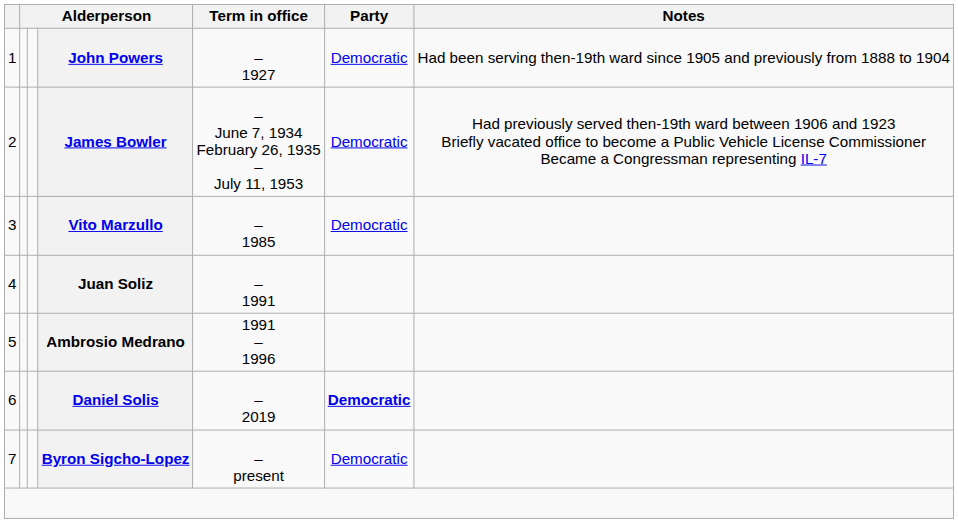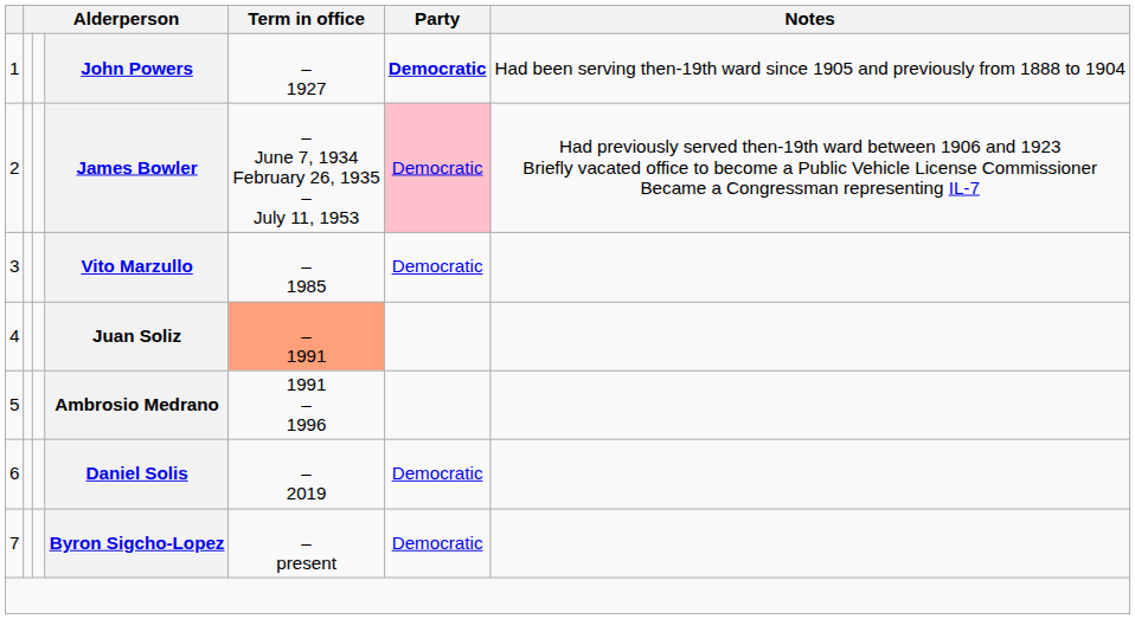 <table class="wikitable sortable" style="text-align:center;">
 <tr>
 <th scope="col"></th>
 <th scope="col" colspan="3">Alderperson</th>
 <th scope="col">Term in office</th>
 <th scope="col">Party</th>
 <th scope="col">Notes</th>
 </tr>
 <tr style="height:2em;">
 <td>1</td>
 <td></td>
 <td> </td>
 <th scope="row"><a href='#'>John Powers</a></th>
 <td><br>–<br>1927</td>
-<td><a href='#'>Democratic</a></td>
+<td><strong><a href='#'>Democratic</a></strong></td>
 <td>Had been serving then-19th ward since 1905 and previously from 1888 to 1904</td>
 </tr>
 <tr style="height:2em;">
 <td>2</td>
 <td></td>
 <td> </td>
 <th scope="row"><a href='#'>James Bowler</a></th>
 <td><br>–<br>June 7, 1934 <br> February 26, 1935 <br>–<br> July 11, 1953</td>
-<td><a href='#'>Democratic</a></td>
+<td style="background: pink;"><a href='#'>Democratic</a></td>
 <td>Had previously served then-19th ward between 1906 and 1923 <br> Briefly vacated office to become a Public Vehicle License Commissioner <br> Became a Congressman representing <a href='#'>IL-7</a></td>
 </tr>
 <tr style="height:2em;">
 <td>3</td>
 <td></td>
 <td> </td>
 <th scope="row"><a href='#'>Vito Marzullo</a></th>
 <td><br>–<br>1985</td>
 <td><a href='#'>Democratic</a></td>
 <td></td>
 </tr>
 <tr style="height:2em;">
 <td>4</td>
 <td></td>
 <td></td>
 <th scope="row">Juan Soliz</th>
-<td><br>–<br>1991</td>
+<td style="background: lightsalmon;"><br>–<br>1991</td>
 <td></td>
 <td></td>
 </tr>
 <tr style="height:2em;">
 <td>5</td>
 <td></td>
 <td></td>
 <th scope="row">Ambrosio Medrano</th>
 <td>1991<br>–<br>1996</td>
 <td></td>
 <td></td>
 </tr>
 <tr style="height:2em;">
 <td>6</td>
 <td></td>
 <td> </td>
 <th scope="row"><a href='#'>Daniel Solis</a></th>
 <td><br>–<br>2019</td>
-<td><strong><a href='#'>Democratic</a></strong></td>
+<td><a href='#'>Democratic</a></td>
 <td></td>
 </tr>
 <tr style="height:2em;">
 <td>7</td>
 <td></td>
 <td> </td>
 <th scope="row"><a href='#'>Byron Sigcho-Lopez</a></th>
 <td><br>–<br>present</td>
 <td><a href='#'>Democratic</a></td>
 <td></td>
 </tr>
 <tr style="height:2em;">
 </tr>
 </table>
